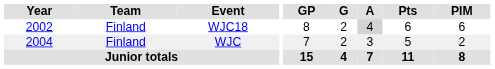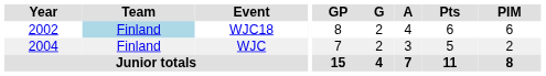 <table border="0" cellpadding="1" cellspacing="0" ID="Table3" style="text-align:center; width:40em">
 <tr ALIGN="center" bgcolor="#e0e0e0">
 <th>Year</th>
 <th>Team</th>
 <th>Event</th>
 <th rowspan="99" bgcolor="#ffffff"></th>
 <th>GP</th>
 <th>G</th>
 <th>A</th>
 <th>Pts</th>
 <th>PIM</th>
 </tr>
 <tr>
 <td><a href='#'>2002</a></td>
-<td><a href='#'>Finland</a></td>
+<td style="background: lightblue;"><a href='#'>Finland</a></td>
 <td><a href='#'>WJC18</a></td>
 <td>8</td>
 <td>2</td>
-<td style="background: lightgrey;">4</td>
+<td>4</td>
 <td>6</td>
 <td>6</td>
 </tr>
 <tr bgcolor="#f0f0f0">
 <td><a href='#'>2004</a></td>
 <td><a href='#'>Finland</a></td>
 <td><a href='#'>WJC</a></td>
 <td>7</td>
 <td>2</td>
 <td>3</td>
 <td>5</td>
 <td>2</td>
 </tr>
 <tr bgcolor="#e0e0e0">
 <th colspan=3>Junior totals</th>
 <th>15</th>
 <th>4</th>
 <th>7</th>
 <th>11</th>
 <th>8</th>
 </tr>
 </table>
